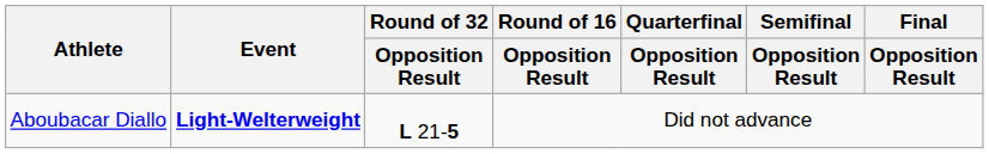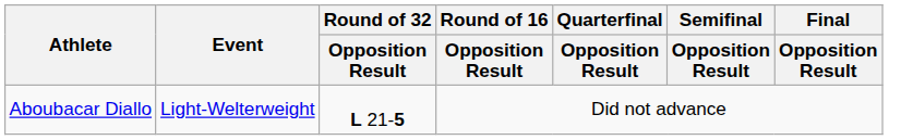 <table class=wikitable style=font-size:90%>
 <tr>
 <th rowspan=2>Athlete</th>
 <th rowspan=2>Event</th>
 <th>Round of 32</th>
 <th>Round of 16</th>
 <th>Quarterfinal</th>
 <th>Semifinal</th>
 <th>Final</th>
 </tr>
 <tr>
 <th>Opposition<br>Result</th>
 <th>Opposition<br>Result</th>
 <th>Opposition<br>Result</th>
 <th>Opposition<br>Result</th>
 <th>Opposition<br>Result</th>
 </tr>
 <tr>
 <td><a href='#'>Aboubacar Diallo</a></td>
-<td><strong><a href='#'>Light-Welterweight</a></strong></td>
+<td><a href='#'>Light-Welterweight</a></td>
 <td align=center><br><strong>L</strong> 21-<strong>5</strong></td>
 <td colspan=4 align=center>Did not advance</td>
 </tr>
 </table>
